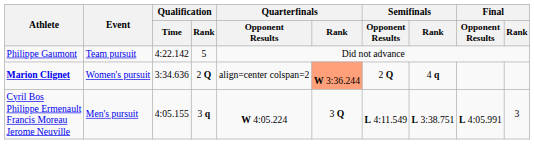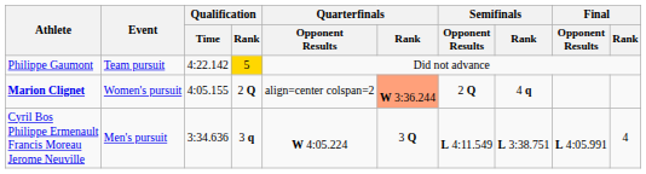 <table class=wikitable style="font-size:90%">
 <tr>
 <th rowspan="2">Athlete</th>
 <th rowspan="2">Event</th>
 <th colspan="2">Qualification</th>
 <th colspan="2">Quarterfinals</th>
 <th colspan="2">Semifinals</th>
 <th colspan="2">Final</th>
 </tr>
 <tr style="font-size:95%">
 <th>Time</th>
 <th>Rank</th>
 <th>Opponent<br>Results</th>
 <th>Rank</th>
 <th>Opponent<br>Results</th>
 <th>Rank</th>
 <th>Opponent<br>Results</th>
 <th>Rank</th>
 </tr>
 <tr>
 <td align=left><a href='#'>Philippe Gaumont</a></td>
 <td align=left><a href='#'>Team pursuit</a></td>
 <td align=center>4:22.142</td>
-<td align=center>5</td>
+<td align=center style="background: gold;">5</td>
 <td align=center colspan=6>Did not advance</td>
 </tr>
 <tr>
 <td align=left><strong><a href='#'>Marion Clignet</a></strong></td>
 <td align=left><a href='#'>Women's pursuit</a></td>
-<td align=center>3:34.636</td>
+<td align=center>4:05.155</td>
 <td align=center>2 <strong>Q</strong></td>
 <td>align=center colspan=2 </td>
 <td align=center style="background: lightsalmon;"><br> <strong>W</strong> 3:36.244</td>
 <td align=center>2 <strong>Q</strong></td>
 <td align=center>4 <strong>q</strong></td>
 <td align=center></td>
 </tr>
 <tr>
 <td align=left><a href='#'>Cyril Bos</a><br> <a href='#'>Philippe Ermenault</a><br> <a href='#'>Francis Moreau</a><br> <a href='#'>Jerome Neuville</a></td>
 <td align=left><a href='#'>Men's pursuit</a></td>
-<td align=center>4:05.155</td>
+<td align=center>3:34.636</td>
 <td align=center>3 <strong>q</strong></td>
 <td align=center><br><strong>W</strong> 4:05.224</td>
 <td align=center>3 <strong>Q</strong></td>
 <td align=center><br><strong>L</strong> 4:11.549</td>
 <td align=center><br><strong>L</strong> 3:38.751</td>
 <td align=center><br><strong>L</strong> 4:05.991</td>
-<td align=center>3</td>
+<td align=center>4</td>
 </tr>
 </table>
